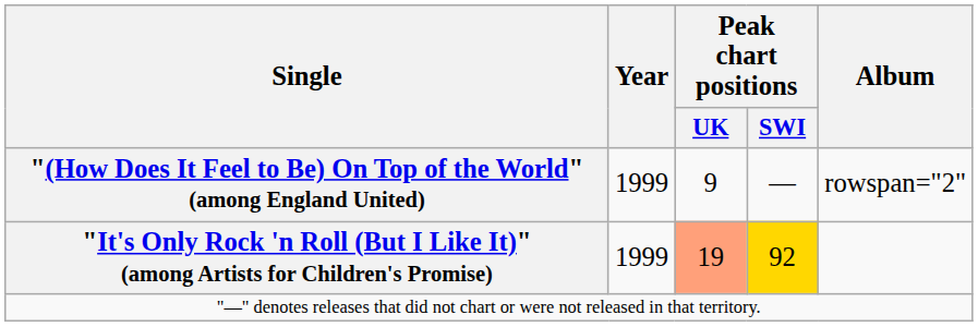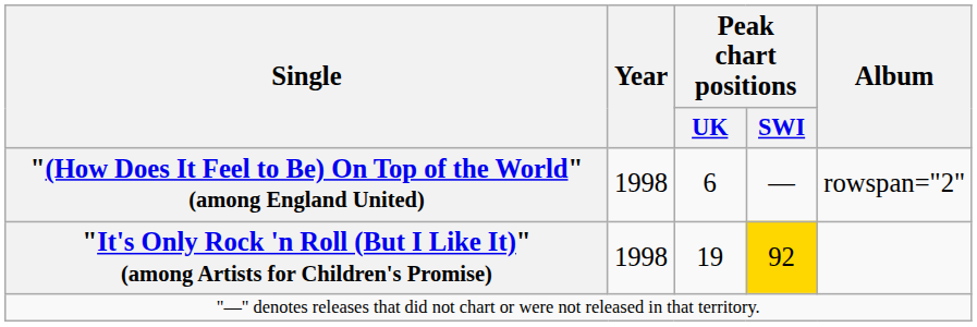 <table class="wikitable plainrowheaders" style="text-align:center;">
 <tr>
 <th scope="col" rowspan="2" style="width:22em;">Single</th>
 <th scope="col" rowspan="2">Year</th>
 <th scope="col" colspan="2">Peak<br>chart<br>positions</th>
 <th scope="col" rowspan="2">Album</th>
 </tr>
 <tr>
 <th scope="col" style="width:2.5em;font-size:90%;"><a href='#'>UK</a><br></th>
 <th scope="col" style="width:2.5em;font-size:90%;"><a href='#'>SWI</a><br></th>
 </tr>
 <tr>
 <th scope="row">"<a href='#'>(How Does It Feel to Be) On Top of the World</a>"<br><small>(among England United)</small></th>
-<td>1999</td>
-<td>9</td>
+<td>1998</td>
+<td>6</td>
 <td>—</td>
 <td>rowspan="2" </td>
 </tr>
 <tr>
 <th scope="row">"<a href='#'>It's Only Rock 'n Roll (But I Like It)</a>"<br><small>(among Artists for Children's Promise)</small></th>
-<td>1999</td>
-<td style="background: lightsalmon;">19</td>
+<td>1998</td>
+<td>19</td>
 <td style="background: gold;">92</td>
 </tr>
 <tr>
 <td align="center" colspan="15" style="font-size:8pt">"—" denotes releases that did not chart or were not released in that territory.</td>
 </tr>
 </table>
